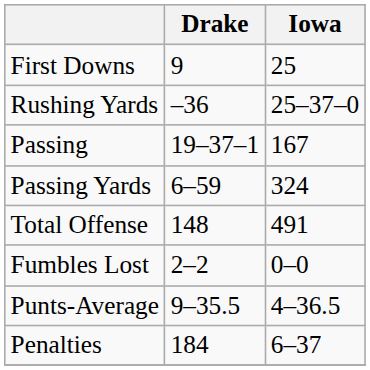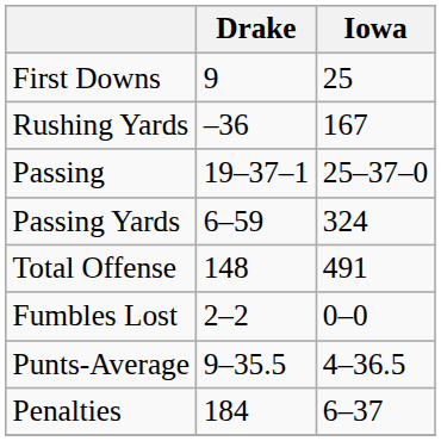 <table class="wikitable">
 <tr>
 <th></th>
 <th>Drake</th>
 <th>Iowa</th>
 </tr>
 <tr>
 <td>First Downs</td>
 <td>9</td>
 <td>25</td>
 </tr>
 <tr>
 <td>Rushing Yards</td>
 <td>–36</td>
-<td>25–37–0</td>
+<td>167</td>
 </tr>
 <tr>
 <td>Passing</td>
 <td>19–37–1</td>
-<td>167</td>
+<td>25–37–0</td>
 </tr>
 <tr>
 <td>Passing Yards</td>
 <td>6–59</td>
 <td>324</td>
 </tr>
 <tr>
 <td>Total Offense</td>
 <td>148</td>
 <td>491</td>
 </tr>
 <tr>
 <td>Fumbles Lost</td>
 <td>2–2</td>
 <td>0–0</td>
 </tr>
 <tr>
 <td>Punts-Average</td>
 <td>9–35.5</td>
 <td>4–36.5</td>
 </tr>
 <tr>
 <td>Penalties</td>
 <td>184</td>
 <td>6–37</td>
 </tr>
 <tr>
 </tr>
 </table>
